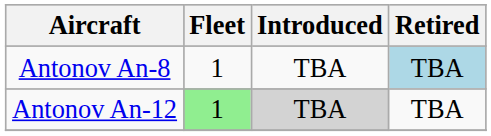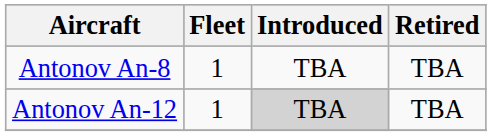 <table class="wikitable" style="border-collapse:collapse;text-align:center;margin: 1em auto;">
 <tr>
 <th>Aircraft</th>
 <th>Fleet</th>
 <th>Introduced</th>
 <th>Retired</th>
 </tr>
 <tr>
 <td><a href='#'>Antonov An-8</a></td>
 <td>1</td>
 <td>TBA</td>
-<td style="background: lightblue;">TBA</td>
+<td>TBA</td>
 </tr>
 <tr>
 <td><a href='#'>Antonov An-12</a></td>
-<td style="background: lightgreen;">1</td>
+<td>1</td>
 <td style="background: lightgrey;">TBA</td>
 <td>TBA</td>
 </tr>
 <tr>
 </tr>
 </table>
